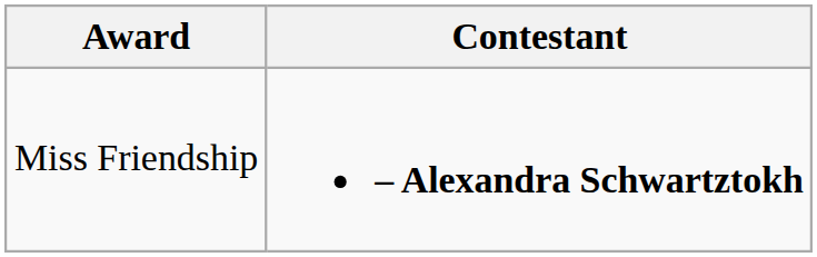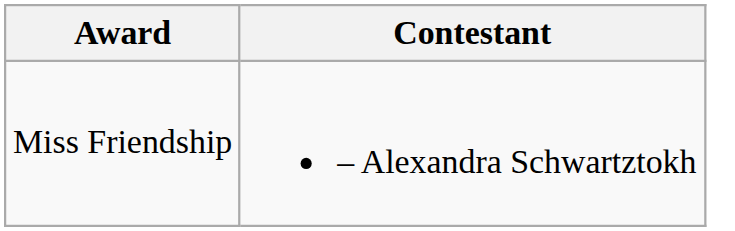 <table class="wikitable sortable" style="font-size: 95%;">
 <tr>
 <th>Award</th>
 <th>Contestant</th>
 </tr>
 <tr>
 <td>Miss Friendship</td>
-<td><strong><br><ul><li> – Alexandra Schwartztokh</li></ul></strong></td>
+<td><br><ul><li> – Alexandra Schwartztokh</li></ul></td>
 </tr>
 </table>
